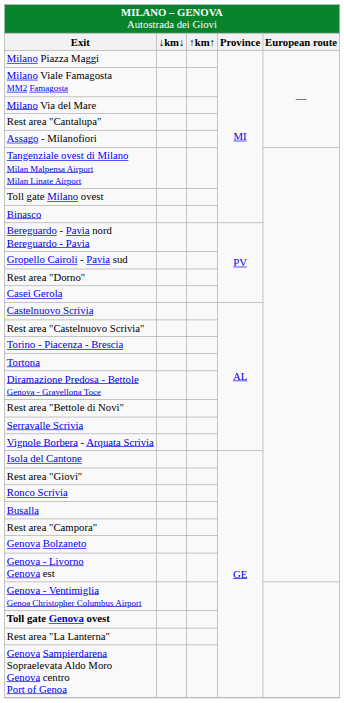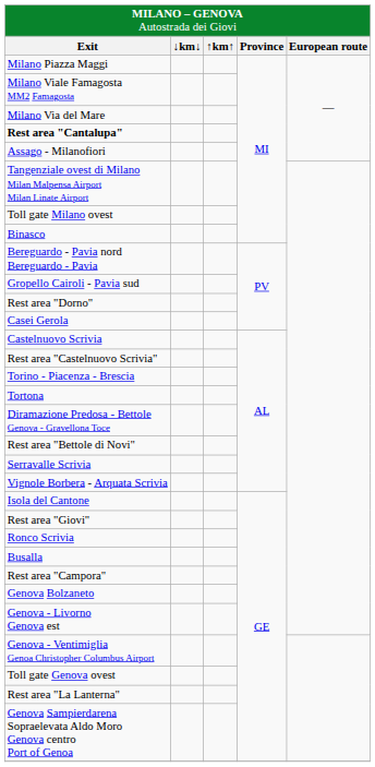 <table class="wikitable">
 <tr align="center" bgcolor="08842C" style="color: white;">
 <td colspan="6"><strong> MILANO – GENOVA</strong><br>Autostrada dei Giovi</td>
 </tr>
 <tr>
 <th><strong>Exit</strong></th>
 <th align="center"><strong>↓km↓</strong></th>
 <th align="center"><strong>↑km↑</strong></th>
 <th align="center"><strong>Province</strong></th>
 <th align="center"><strong>European route</strong></th>
 </tr>
 <tr>
 <td> <a href='#'>Milano</a> Piazza Maggi</td>
 <td align="right"></td>
 <td align="right"></td>
 <td align="center" rowspan=8><a href='#'>MI</a></td>
 <td align="center" rowspan=5>—</td>
 </tr>
 <tr>
 <td> <a href='#'>Milano</a> Viale Famagosta<br><small> <a href='#'>MM2</a> <a href='#'>Famagosta</a> </small></td>
 <td align="right"></td>
 <td align="right"></td>
 </tr>
 <tr>
 <td> <a href='#'>Milano</a> Via del Mare</td>
 <td align="right"></td>
 <td align="right"></td>
 </tr>
 <tr>
-<td> Rest area "Cantalupa"</td>
+<td><strong> Rest area "Cantalupa"</strong></td>
 <td align="right"></td>
 <td align="right"></td>
 </tr>
 <tr>
 <td> <a href='#'>Assago</a> - Milanofiori</td>
 <td align="right"></td>
 <td align="right"></td>
 </tr>
 <tr>
 <td>    <a href='#'>Tangenziale ovest di Milano</a><br><small>  <a href='#'>Milan Malpensa Airport</a></small><br><small>  <a href='#'>Milan Linate Airport</a></small></td>
 <td align="right"></td>
 <td align="right"></td>
 <td rowspan=22 align="center"></td>
 </tr>
 <tr>
 <td> Toll gate <a href='#'>Milano</a> ovest</td>
 <td align="right"></td>
 <td align="right"></td>
 </tr>
 <tr>
 <td> <a href='#'>Binasco</a></td>
 <td align="right"></td>
 <td align="right"></td>
 </tr>
 <tr>
 <td>  <a href='#'>Bereguardo</a> - <a href='#'>Pavia</a> nord<br> <a href='#'>Bereguardo - Pavia</a></td>
 <td align="right"></td>
 <td align="right"></td>
 <td rowspan=4 align="center"><a href='#'>PV</a></td>
 </tr>
 <tr>
 <td> <a href='#'>Gropello Cairoli</a> - <a href='#'>Pavia</a> sud</td>
 <td align="right"></td>
 <td align="right"></td>
 </tr>
 <tr>
 <td> Rest area "Dorno"</td>
 <td align="right"></td>
 <td align="right"></td>
 </tr>
 <tr>
 <td> <a href='#'>Casei Gerola</a></td>
 <td align="right"></td>
 <td align="right"></td>
 </tr>
 <tr>
 <td> <a href='#'>Castelnuovo Scrivia</a></td>
 <td align="right"></td>
 <td align="right"></td>
 <td rowspan=8 align="center"><a href='#'>AL</a></td>
 </tr>
 <tr>
 <td> Rest area "Castelnuovo Scrivia"</td>
 <td align="right"></td>
 <td align="right"></td>
 </tr>
 <tr>
 <td>   <a href='#'>Torino - Piacenza - Brescia</a><br></td>
 <td align="right"></td>
 <td align="right"></td>
 </tr>
 <tr>
 <td> <a href='#'>Tortona</a></td>
 <td align="right"></td>
 <td align="right"></td>
 </tr>
 <tr>
 <td>  <a href='#'>Diramazione Predosa - Bettole</a><br><small>   <a href='#'>Genova - Gravellona Toce</a></small></td>
 <td align="right"></td>
 <td align="right"></td>
 </tr>
 <tr>
 <td> Rest area "Bettole di Novi"</td>
 <td align="right"></td>
 <td align="right"></td>
 </tr>
 <tr>
 <td> <a href='#'>Serravalle Scrivia</a></td>
 <td align="right"></td>
 <td align="right"></td>
 </tr>
 <tr>
 <td> <a href='#'>Vignole Borbera</a> - <a href='#'>Arquata Scrivia</a></td>
 <td align="right"></td>
 <td align="right"></td>
 </tr>
 <tr>
 <td> <a href='#'>Isola del Cantone</a></td>
 <td align="right"></td>
 <td align="right"></td>
 <td rowspan=11 align="center"><a href='#'>GE</a></td>
 </tr>
 <tr>
 <td> Rest area "Giovi"</td>
 <td align="right"></td>
 <td align="right"></td>
 </tr>
 <tr>
 <td> <a href='#'>Ronco Scrivia</a></td>
 <td align="right"></td>
 <td align="right"></td>
 </tr>
 <tr>
 <td> <a href='#'>Busalla</a></td>
 <td align="right"></td>
 <td align="right"></td>
 </tr>
 <tr>
 <td> Rest area "Campora"</td>
 <td align="right"></td>
 <td align="right"></td>
 </tr>
 <tr>
 <td> <a href='#'>Genova</a> <a href='#'>Bolzaneto</a></td>
 <td align="right"></td>
 <td align="right"></td>
 </tr>
 <tr>
 <td>   <a href='#'>Genova - Livorno</a> <br>  <a href='#'>Genova</a> est</td>
 <td align="right"></td>
 <td align="right"></td>
 </tr>
 <tr>
 <td>    <a href='#'>Genova - Ventimiglia</a> <br><small>  <a href='#'>Genoa Christopher Columbus Airport</a></small></td>
 <td align="right"></td>
 <td align="right"></td>
 <td rowspan=4 align="center"><br></td>
 </tr>
 <tr>
-<td><strong> Toll gate <a href='#'>Genova</a> ovest</strong></td>
+<td> Toll gate <a href='#'>Genova</a> ovest</td>
 <td align="right"></td>
 <td align="right"></td>
 </tr>
 <tr>
 <td> Rest area "La Lanterna"</td>
 <td align="right"></td>
 <td align="right"></td>
 </tr>
 <tr>
 <td> <a href='#'>Genova</a> <a href='#'>Sampierdarena</a> <br> Sopraelevata Aldo Moro<br> <a href='#'>Genova</a> centro <br> <a href='#'>Port of Genoa</a></td>
 <td align="right"></td>
 <td align="right"></td>
 </tr>
 <tr>
 </tr>
 </table>
